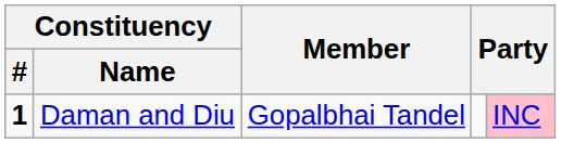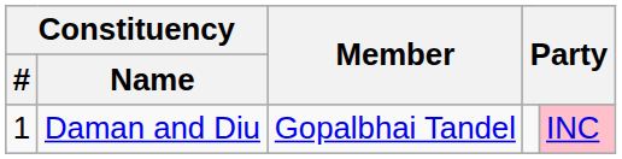 <table class="wikitable">
 <tr>
 <th colspan="2">Constituency</th>
 <th rowspan="2">Member</th>
 <th colspan="2" rowspan="2">Party</th>
 </tr>
 <tr>
 <th>#</th>
 <th>Name</th>
 </tr>
 <tr>
-<td><strong>1</strong></td>
+<td>1</td>
 <td><a href='#'>Daman and Diu</a></td>
 <td><a href='#'>Gopalbhai Tandel</a></td>
 <td style="background-color: "></td>
 <td style="background: pink;"><a href='#'>INC</a></td>
 </tr>
 </table>
